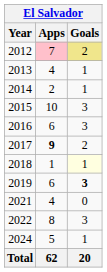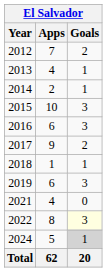 <table class="wikitable" style="text-align:center">
 <tr>
 <th colspan=3><a href='#'>El Salvador</a></th>
 </tr>
 <tr>
 <th>Year</th>
 <th>Apps</th>
 <th>Goals</th>
 </tr>
 <tr>
 <td>2012</td>
-<td style="background: pink;">7</td>
-<td style="background: khaki;">2</td>
+<td>7</td>
+<td>2</td>
 </tr>
 <tr>
 <td>2013</td>
 <td>4</td>
 <td>1</td>
 </tr>
 <tr>
 <td>2014</td>
 <td>2</td>
 <td>1</td>
 </tr>
 <tr>
 <td>2015</td>
 <td>10</td>
 <td>3</td>
 </tr>
 <tr>
 <td>2016</td>
 <td>6</td>
 <td>3</td>
 </tr>
 <tr>
 <td>2017</td>
-<td><strong>9</strong></td>
+<td>9</td>
 <td>2</td>
 </tr>
 <tr>
 <td>2018</td>
 <td>1</td>
-<td style="background: lightyellow;">1</td>
+<td>1</td>
 </tr>
 <tr>
 <td>2019</td>
 <td>6</td>
-<td><strong>3</strong></td>
+<td>3</td>
 </tr>
 <tr>
 <td>2021</td>
 <td>4</td>
 <td>0</td>
 </tr>
 <tr>
 <td>2022</td>
 <td>8</td>
-<td>3</td>
+<td style="background: lightyellow;">3</td>
 </tr>
 <tr>
 <td>2024</td>
 <td>5</td>
-<td>1</td>
+<td style="background: lightgrey;">1</td>
 </tr>
 <tr>
 <th>Total</th>
 <th>62</th>
 <th>20</th>
 </tr>
 </table>
